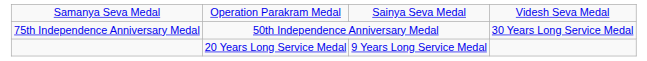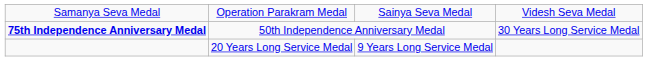 <table class="wikitable" style="margin:1em auto; text-align:center;">
 <tr>
 <td><a href='#'>Samanya Seva Medal</a></td>
 <td><a href='#'>Operation Parakram Medal</a></td>
 <td><a href='#'>Sainya Seva Medal</a></td>
 <td><a href='#'>Videsh Seva Medal</a></td>
 </tr>
 <tr>
-<td><a href='#'>75th Independence Anniversary Medal</a></td>
+<td><strong><a href='#'>75th Independence Anniversary Medal</a></strong></td>
 <td colspan=2><a href='#'>50th Independence Anniversary Medal</a></td>
 <td><a href='#'>30 Years Long Service Medal</a></td>
 </tr>
 <tr>
 <td></td>
 <td><a href='#'>20 Years Long Service Medal</a></td>
 <td><a href='#'>9 Years Long Service Medal</a></td>
 <td></td>
 </tr>
 </table>
